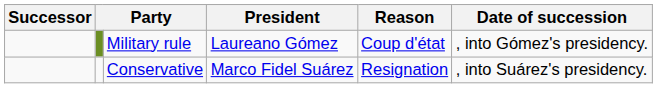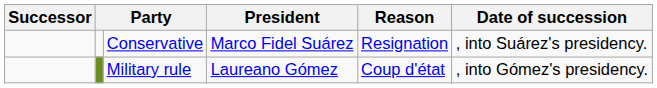 <table class="wikitable sortable">
 <tr>
 <th>Successor</th>
 <th colspan="2">Party</th>
 <th>President</th>
 <th>Reason</th>
 <th>Date of succession</th>
 </tr>
 <tr>
 <td></td>
+<td style="background-color:"></td>
+<td><a href='#'>Conservative</a></td>
+<td><a href='#'>Marco Fidel Suárez</a></td>
+<td><a href='#'>Resignation</a></td>
+<td>,  into Suárez's presidency.</td>
+</tr>
+<tr>
+<td></td>
 <td style="background-color:#6B8E23"></td>
 <td><a href='#'>Military rule</a></td>
 <td><a href='#'>Laureano Gómez</a></td>
 <td><a href='#'>Coup d'état</a></td>
 <td>,  into Gómez's presidency.</td>
 </tr>
-<tr>
-<td></td>
-<td style="background-color:"></td>
-<td><a href='#'>Conservative</a></td>
-<td><a href='#'>Marco Fidel Suárez</a></td>
-<td><a href='#'>Resignation</a></td>
-<td>,  into Suárez's presidency.</td>
-</tr>
 </table>
